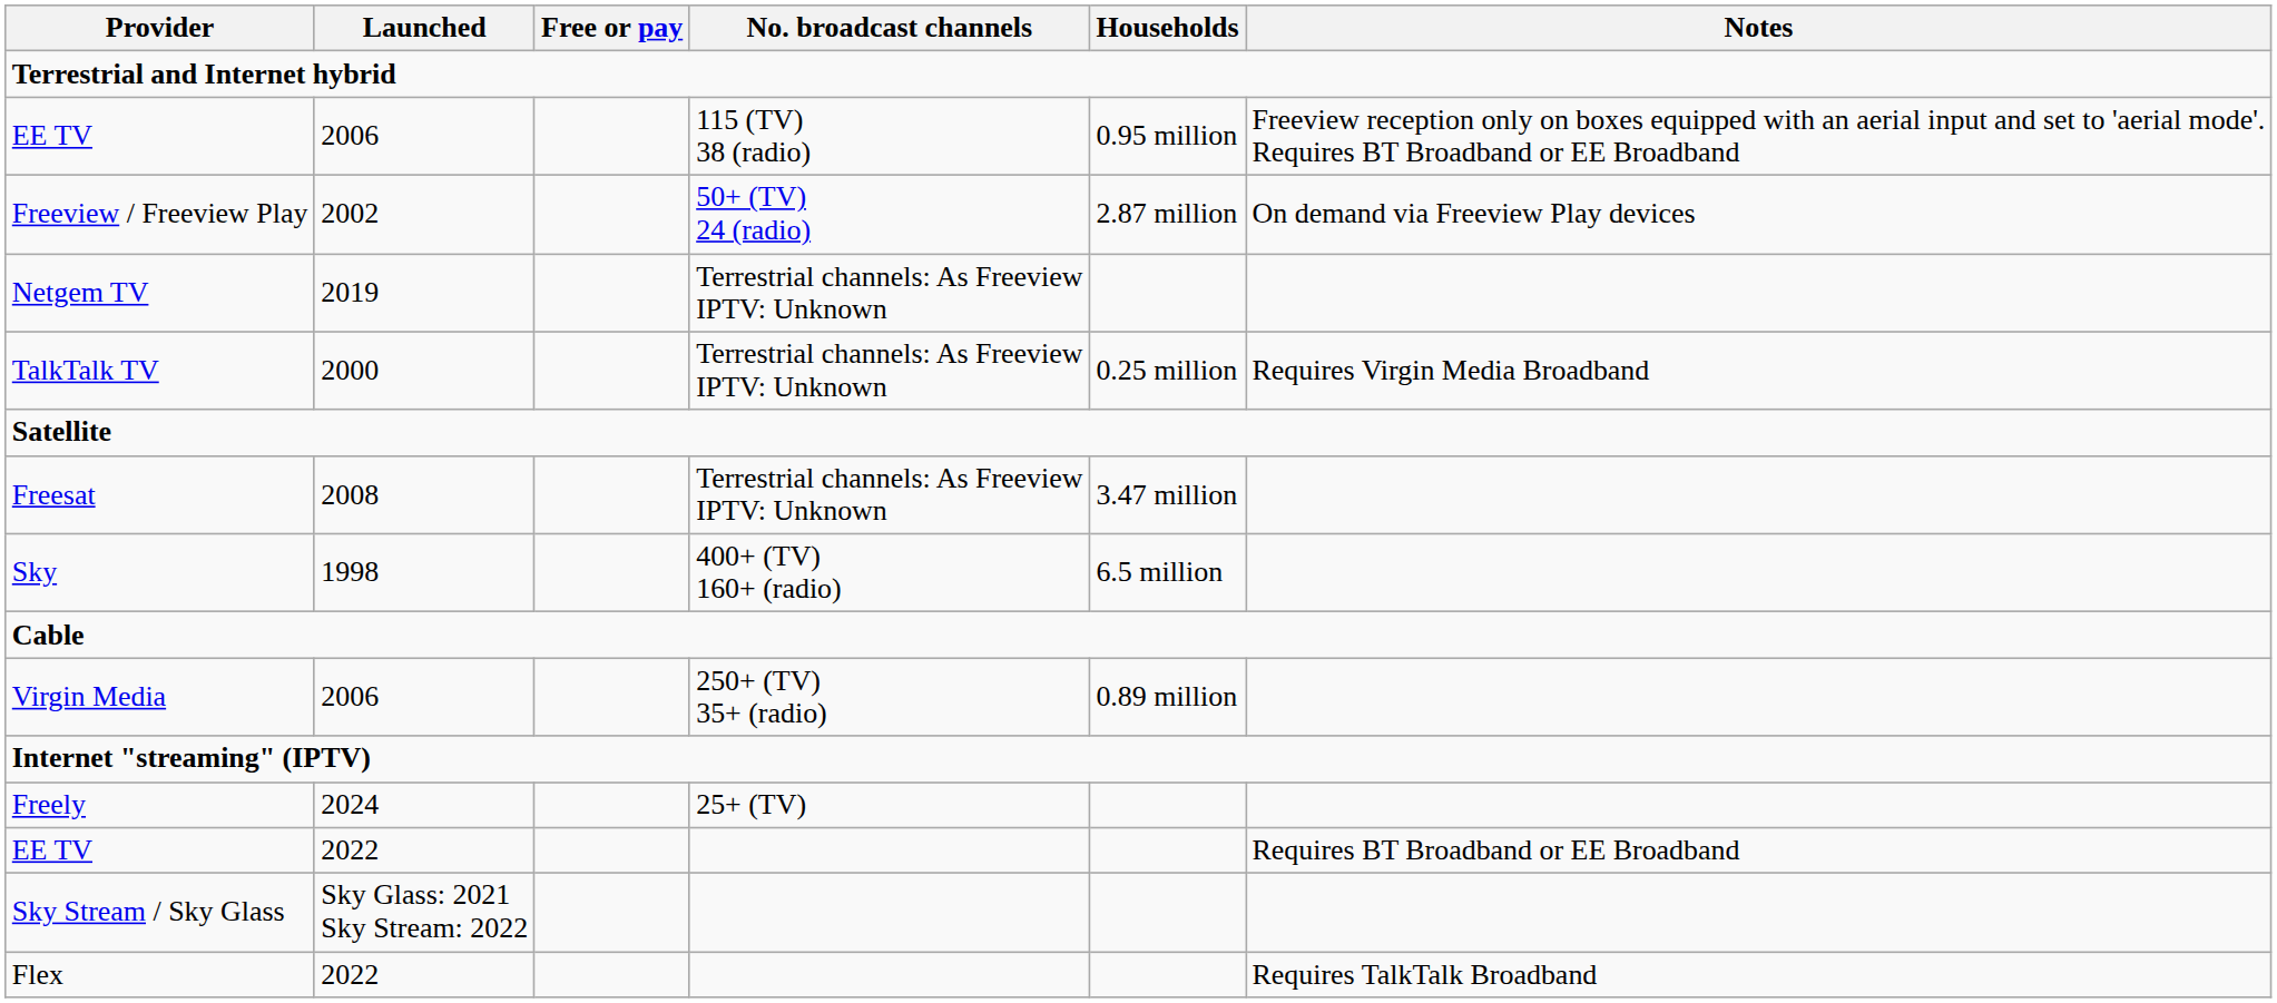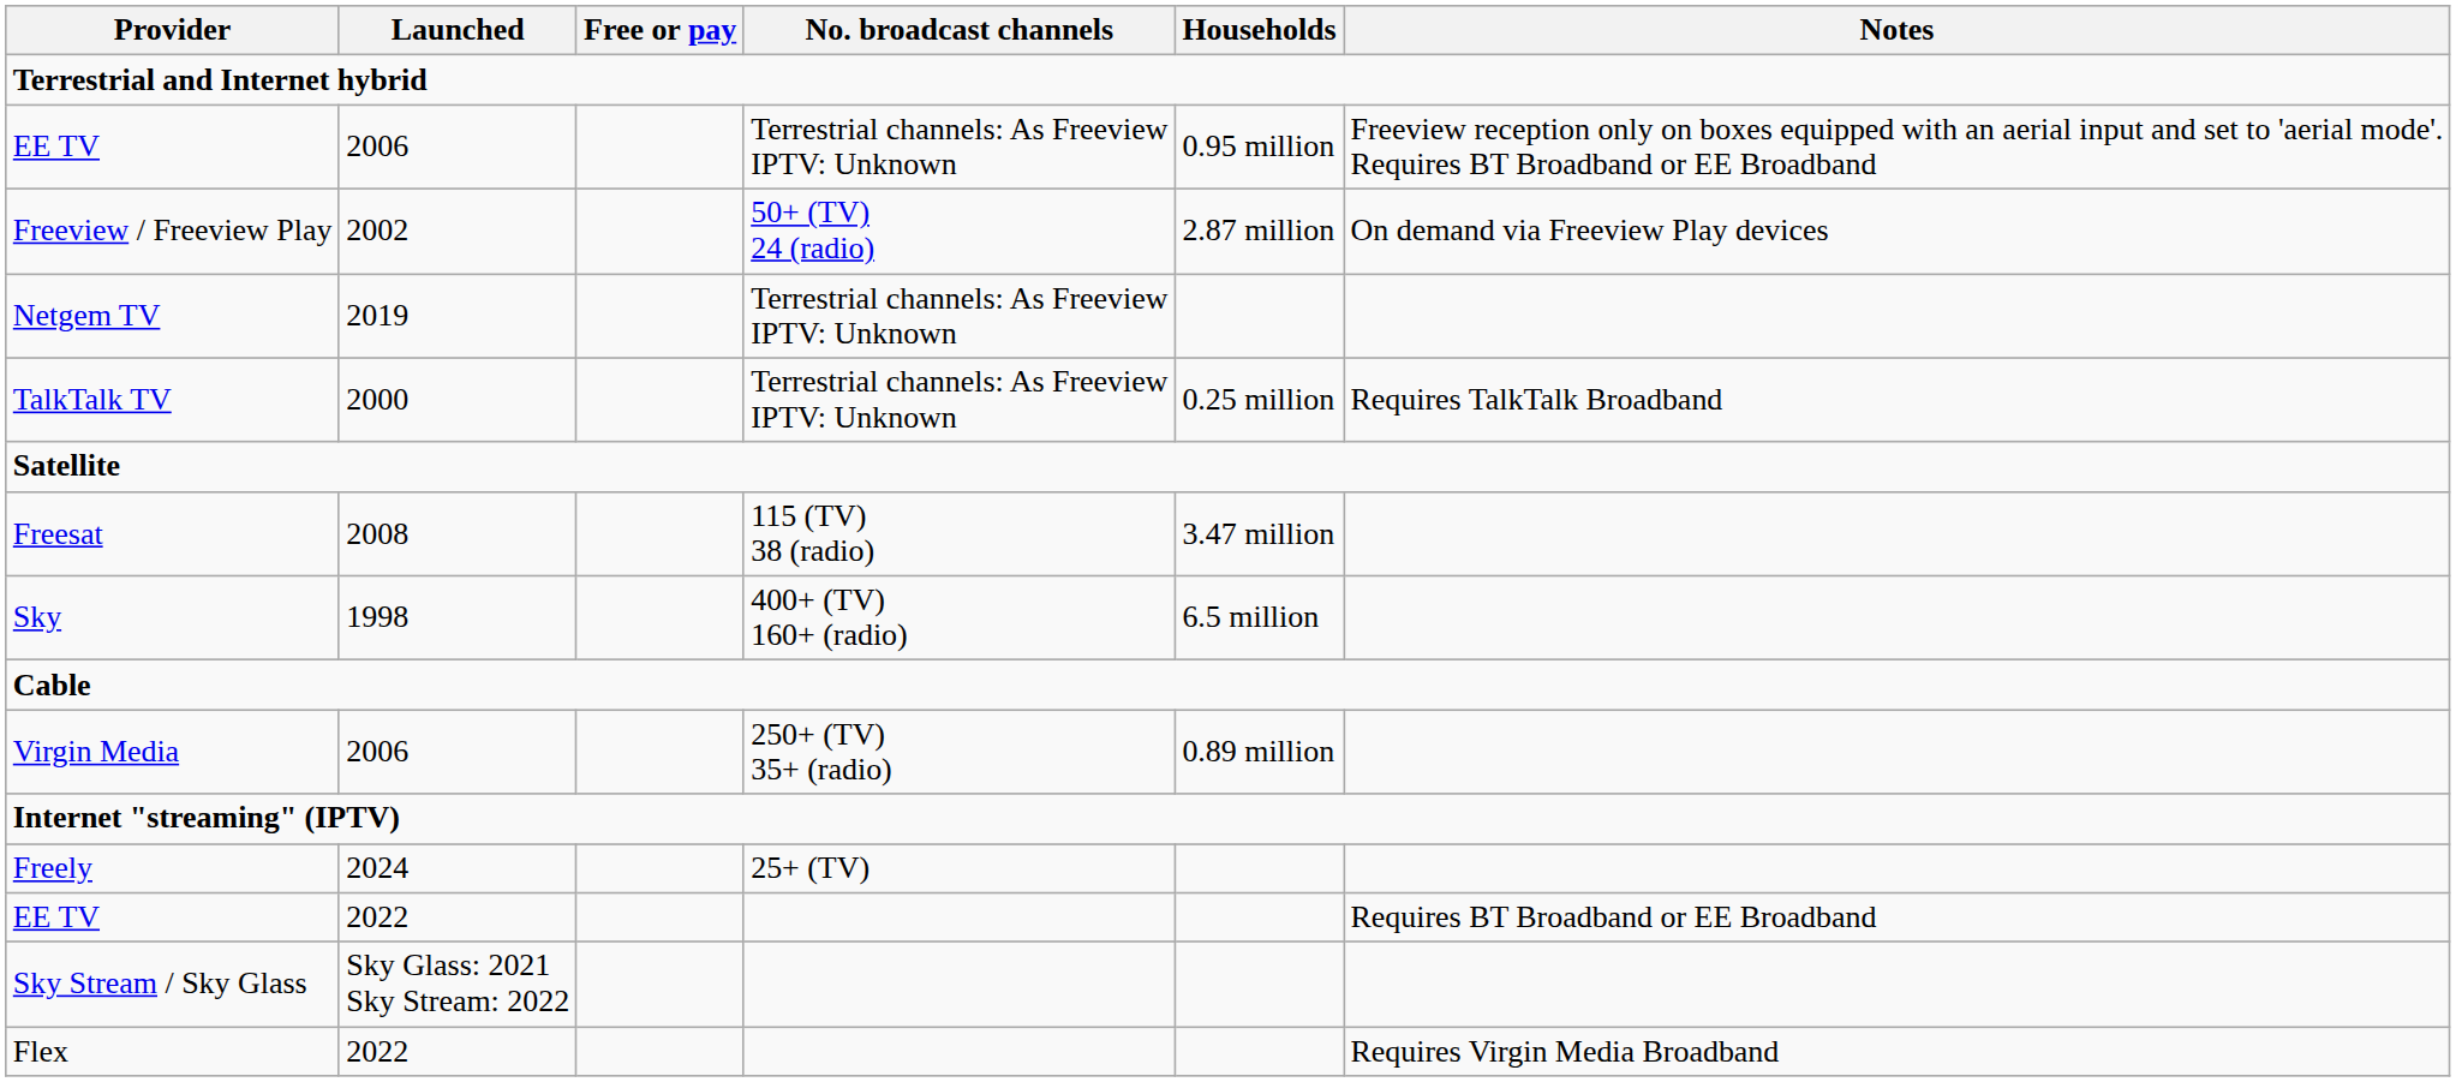 <table class="wikitable sortable">
 <tr>
 <th>Provider</th>
 <th>Launched</th>
 <th>Free or <a href='#'>pay</a></th>
 <th>No. broadcast channels</th>
 <th>Households</th>
 <th>Notes</th>
 </tr>
 <tr>
 <td colspan=8><strong>Terrestrial and Internet hybrid</strong></td>
 </tr>
 <tr>
 <td><a href='#'>EE TV</a></td>
 <td>2006</td>
 <td></td>
-<td>115 (TV)<br>38 (radio)</td>
+<td>Terrestrial channels: As Freeview<br>IPTV: Unknown</td>
 <td>0.95 million</td>
 <td>Freeview reception only on boxes equipped with an aerial input and set to 'aerial mode'.<br>Requires BT Broadband or EE Broadband</td>
 </tr>
 <tr>
 <td><a href='#'>Freeview</a> / Freeview Play</td>
 <td>2002</td>
 <td></td>
 <td><a href='#'>50+ (TV)<br>24 (radio)</a></td>
 <td>2.87 million</td>
 <td>On demand via Freeview Play devices</td>
 </tr>
 <tr>
 <td><a href='#'>Netgem TV</a></td>
 <td>2019</td>
 <td></td>
 <td>Terrestrial channels: As Freeview<br>IPTV: Unknown</td>
 <td></td>
 <td></td>
 </tr>
 <tr>
 <td><a href='#'>TalkTalk TV</a></td>
 <td>2000</td>
 <td></td>
 <td>Terrestrial channels: As Freeview<br>IPTV: Unknown</td>
 <td>0.25 million</td>
-<td>Requires Virgin Media Broadband</td>
+<td>Requires TalkTalk Broadband</td>
 </tr>
 <tr>
 <td colspan=8><strong>Satellite</strong></td>
 </tr>
 <tr>
 <td><a href='#'>Freesat</a></td>
 <td>2008</td>
 <td></td>
-<td>Terrestrial channels: As Freeview<br>IPTV: Unknown</td>
+<td>115 (TV)<br>38 (radio)</td>
 <td>3.47 million</td>
 <td></td>
 </tr>
 <tr>
 <td><a href='#'>Sky</a></td>
 <td>1998</td>
 <td></td>
 <td>400+ (TV)<br>160+ (radio)</td>
 <td>6.5 million</td>
 <td></td>
 </tr>
 <tr>
 <td colspan=8><strong>Cable</strong></td>
 </tr>
 <tr>
 <td><a href='#'>Virgin Media</a></td>
 <td>2006</td>
 <td></td>
 <td>250+ (TV)<br>35+ (radio)</td>
 <td>0.89 million</td>
 <td></td>
 </tr>
 <tr>
 <td colspan=8><strong>Internet "streaming" (IPTV)</strong></td>
 </tr>
 <tr>
 <td><a href='#'>Freely</a></td>
 <td>2024</td>
 <td></td>
 <td>25+ (TV)</td>
 <td></td>
 <td></td>
 </tr>
 <tr>
 <td><a href='#'>EE TV</a></td>
 <td>2022</td>
 <td></td>
 <td></td>
 <td></td>
 <td>Requires BT Broadband or EE Broadband</td>
 </tr>
 <tr>
 <td><a href='#'>Sky Stream</a> / Sky Glass</td>
 <td>Sky Glass: 2021<br>Sky Stream: 2022</td>
 <td></td>
 <td></td>
 <td></td>
 <td></td>
 </tr>
 <tr>
 <td>Flex</td>
 <td>2022</td>
 <td></td>
 <td></td>
 <td></td>
-<td>Requires TalkTalk Broadband</td>
+<td>Requires Virgin Media Broadband</td>
 </tr>
 </table>
